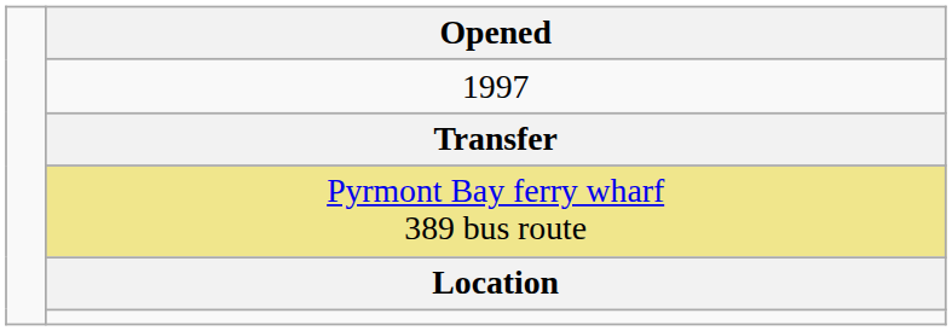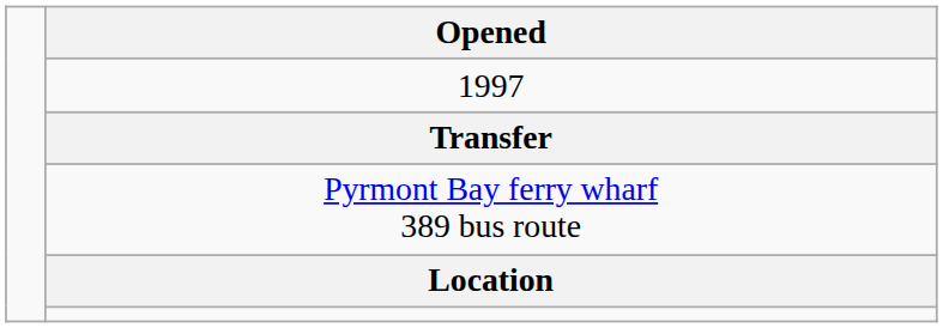 <table class=wikitable style="text-align: center; width: 450px; float:right">
 <tr>
 <td rowspan="6"></td>
 <th>Opened</th>
 </tr>
 <tr>
 <td>1997</td>
 </tr>
 <tr>
 <th>Transfer</th>
 </tr>
 <tr>
-<td style="background: khaki;"><a href='#'>Pyrmont Bay ferry wharf</a><br>389 bus route</td>
+<td><a href='#'>Pyrmont Bay ferry wharf</a><br>389 bus route</td>
 </tr>
 <tr>
 <th>Location</th>
 </tr>
 <tr>
 <td></td>
 </tr>
 </table>
